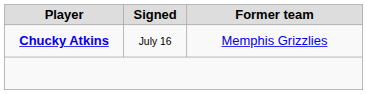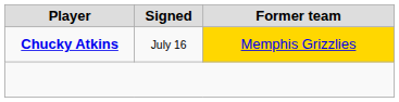 <table class="wikitable" style="text-align: center">
 <tr align="center" bgcolor="#dddddd">
 <td style="width:140px"><strong>Player</strong></td>
 <td style="width:70px"><strong>Signed</strong></td>
 <td style="width:210px"><strong>Former team</strong></td>
 </tr>
 <tr style="height:40px">
 <td><strong><a href='#'>Chucky Atkins</a></strong></td>
 <td style="font-size: 80%">July 16</td>
-<td><a href='#'>Memphis Grizzlies</a></td>
+<td style="background: gold;"><a href='#'>Memphis Grizzlies</a></td>
 </tr>
 <tr style="height:40px">
 </tr>
 </table>
